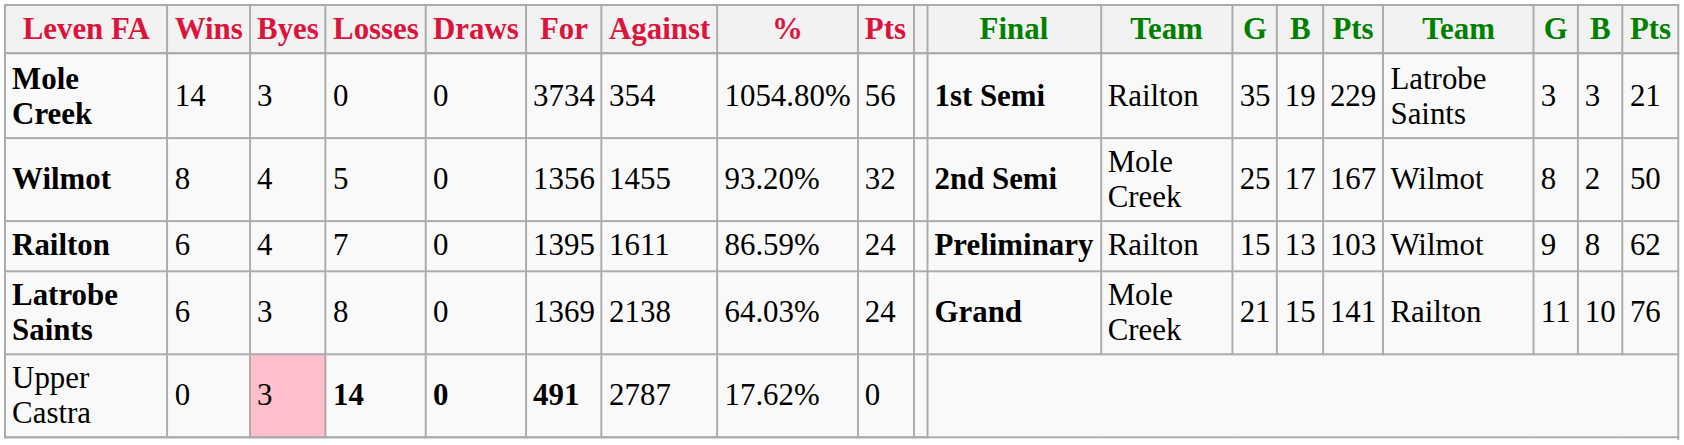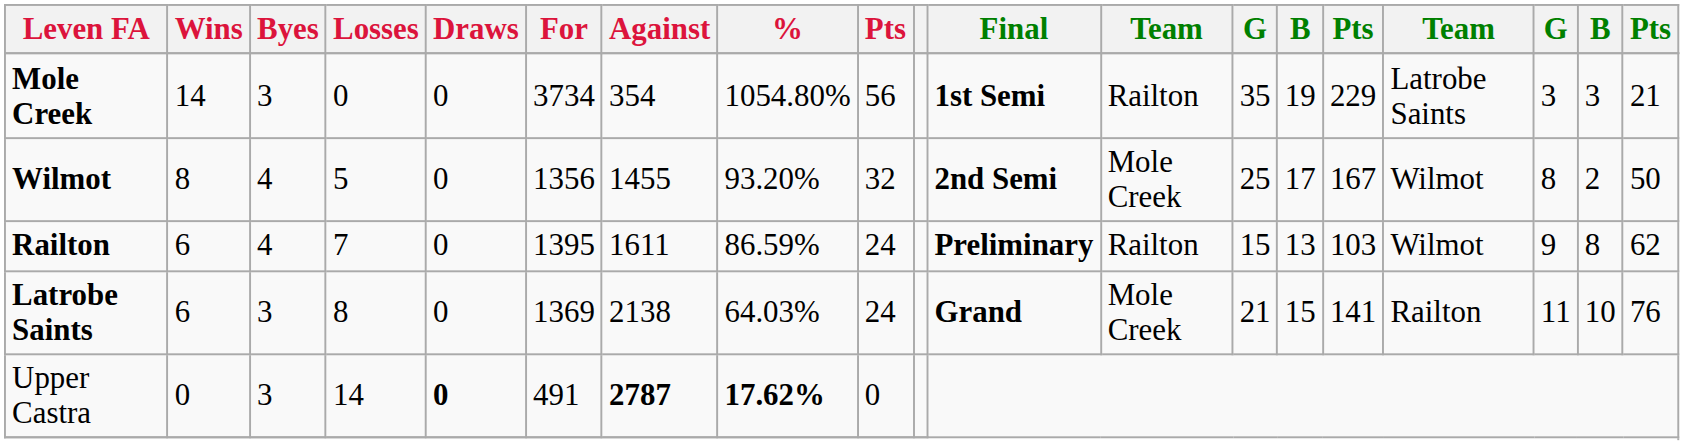 <table class="wikitable">
 <tr>
 <th style="color:crimson">Leven FA</th>
 <th style="color:crimson">Wins</th>
 <th style="color:crimson">Byes</th>
 <th style="color:crimson">Losses</th>
 <th style="color:crimson">Draws</th>
 <th style="color:crimson">For</th>
 <th style="color:crimson">Against</th>
 <th style="color:crimson">%</th>
 <th style="color:crimson">Pts</th>
 <th></th>
 <th style="color:green">Final</th>
 <th style="color:green">Team</th>
 <th style="color:green">G</th>
 <th style="color:green">B</th>
 <th style="color:green">Pts</th>
 <th style="color:green">Team</th>
 <th style="color:green">G</th>
 <th style="color:green">B</th>
 <th style="color:green">Pts</th>
 </tr>
 <tr>
 </tr>
 <tr>
 </tr>
 <tr>
 <td><strong>	Mole Creek	</strong></td>
 <td>14</td>
 <td>3</td>
 <td>0</td>
 <td>0</td>
 <td>3734</td>
 <td>354</td>
 <td>1054.80%</td>
 <td>56</td>
 <td></td>
 <td><strong>1st Semi</strong></td>
 <td>Railton</td>
 <td>35</td>
 <td>19</td>
 <td>229</td>
 <td>Latrobe Saints</td>
 <td>3</td>
 <td>3</td>
 <td>21</td>
 </tr>
 <tr>
 <td><strong>	Wilmot	</strong></td>
 <td>8</td>
 <td>4</td>
 <td>5</td>
 <td>0</td>
 <td>1356</td>
 <td>1455</td>
 <td>93.20%</td>
 <td>32</td>
 <td></td>
 <td><strong>2nd Semi</strong></td>
 <td>Mole Creek</td>
 <td>25</td>
 <td>17</td>
 <td>167</td>
 <td>Wilmot</td>
 <td>8</td>
 <td>2</td>
 <td>50</td>
 </tr>
 <tr>
 <td><strong>	Railton	</strong></td>
 <td>6</td>
 <td>4</td>
 <td>7</td>
 <td>0</td>
 <td>1395</td>
 <td>1611</td>
 <td>86.59%</td>
 <td>24</td>
 <td></td>
 <td><strong>Preliminary</strong></td>
 <td>Railton</td>
 <td>15</td>
 <td>13</td>
 <td>103</td>
 <td>Wilmot</td>
 <td>9</td>
 <td>8</td>
 <td>62</td>
 </tr>
 <tr>
 <td><strong>	Latrobe Saints	</strong></td>
 <td>6</td>
 <td>3</td>
 <td>8</td>
 <td>0</td>
 <td>1369</td>
 <td>2138</td>
 <td>64.03%</td>
 <td>24</td>
 <td></td>
 <td><strong>Grand</strong></td>
 <td>Mole Creek</td>
 <td>21</td>
 <td>15</td>
 <td>141</td>
 <td>Railton</td>
 <td>11</td>
 <td>10</td>
 <td>76</td>
 </tr>
 <tr>
 <td>Upper Castra</td>
 <td>0</td>
-<td style="background: pink;">3</td>
-<td><strong>14</strong></td>
+<td>3</td>
+<td>14</td>
 <td><strong>0</strong></td>
-<td><strong>491</strong></td>
-<td>2787</td>
-<td>17.62%</td>
+<td>491</td>
+<td><strong>2787</strong></td>
+<td><strong>17.62%</strong></td>
 <td>0</td>
 <td></td>
 </tr>
 <tr>
 </tr>
 </table>
